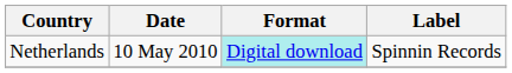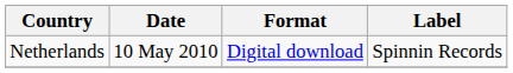 <table class=wikitable>
 <tr>
 <th scope="col">Country</th>
 <th scope="col">Date</th>
 <th scope="col">Format</th>
 <th scope="col">Label</th>
 </tr>
 <tr>
 <td>Netherlands</td>
 <td>10 May 2010</td>
-<td style="background: paleturquoise;"><a href='#'>Digital download</a></td>
+<td><a href='#'>Digital download</a></td>
 <td>Spinnin Records</td>
 </tr>
 <tr>
 </tr>
 </table>
